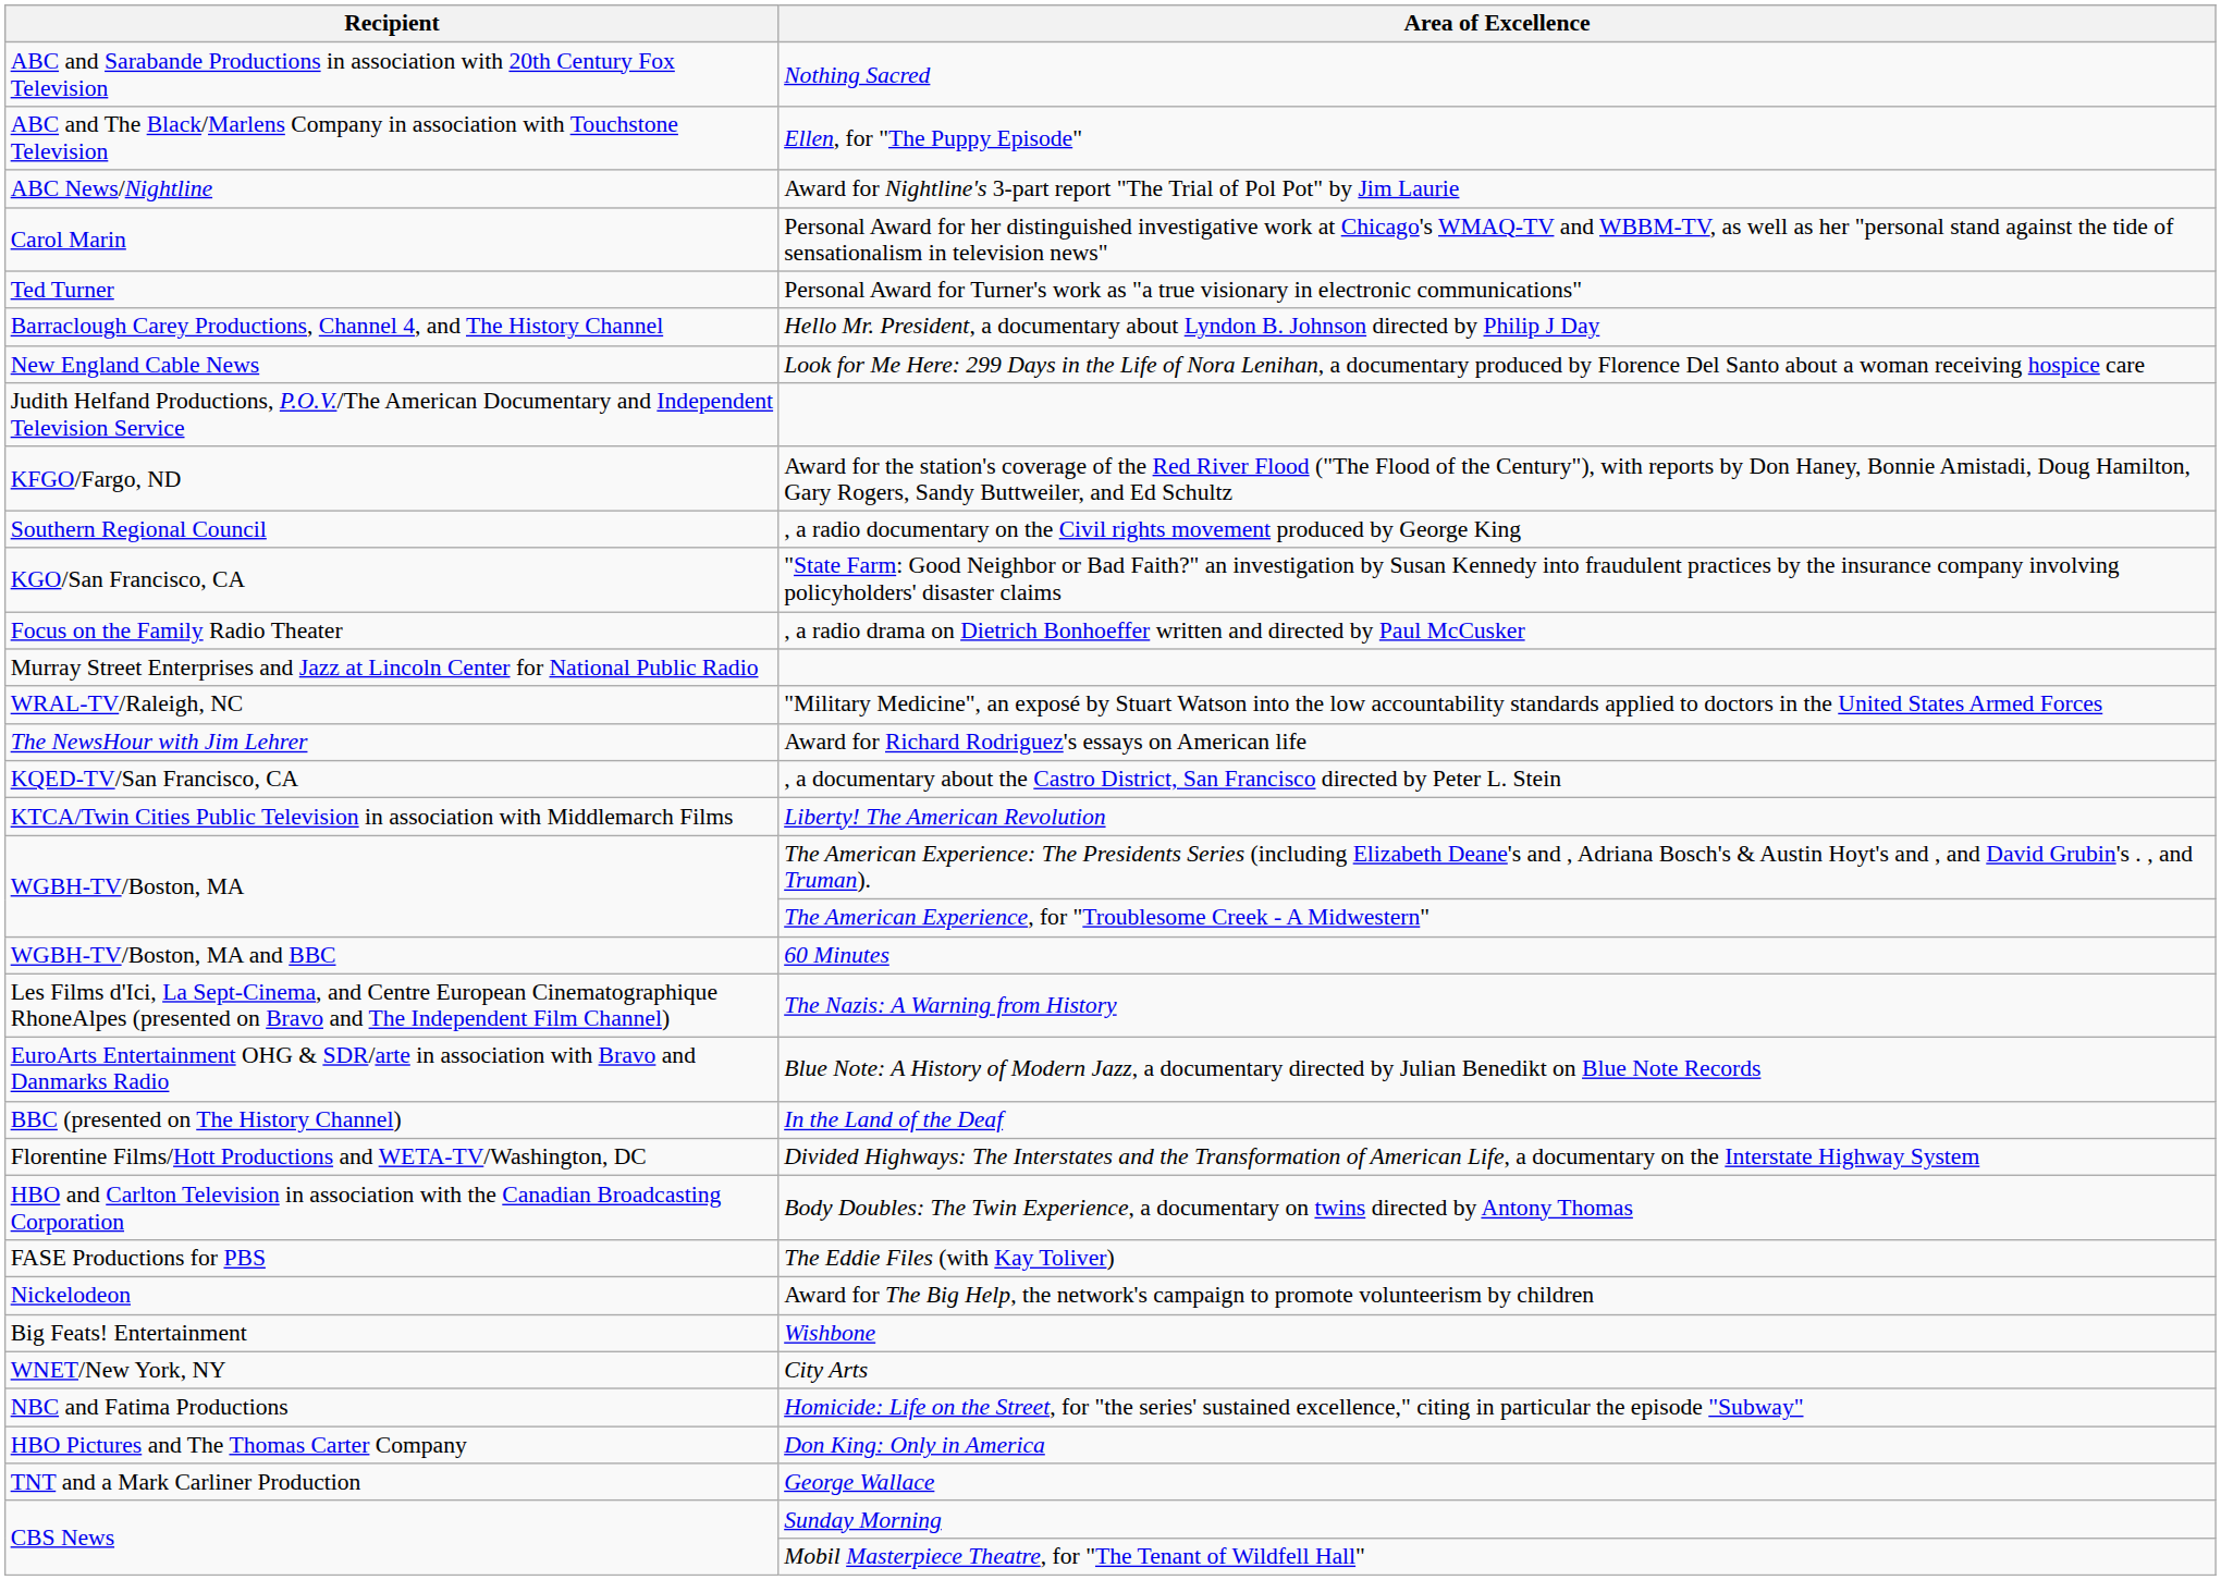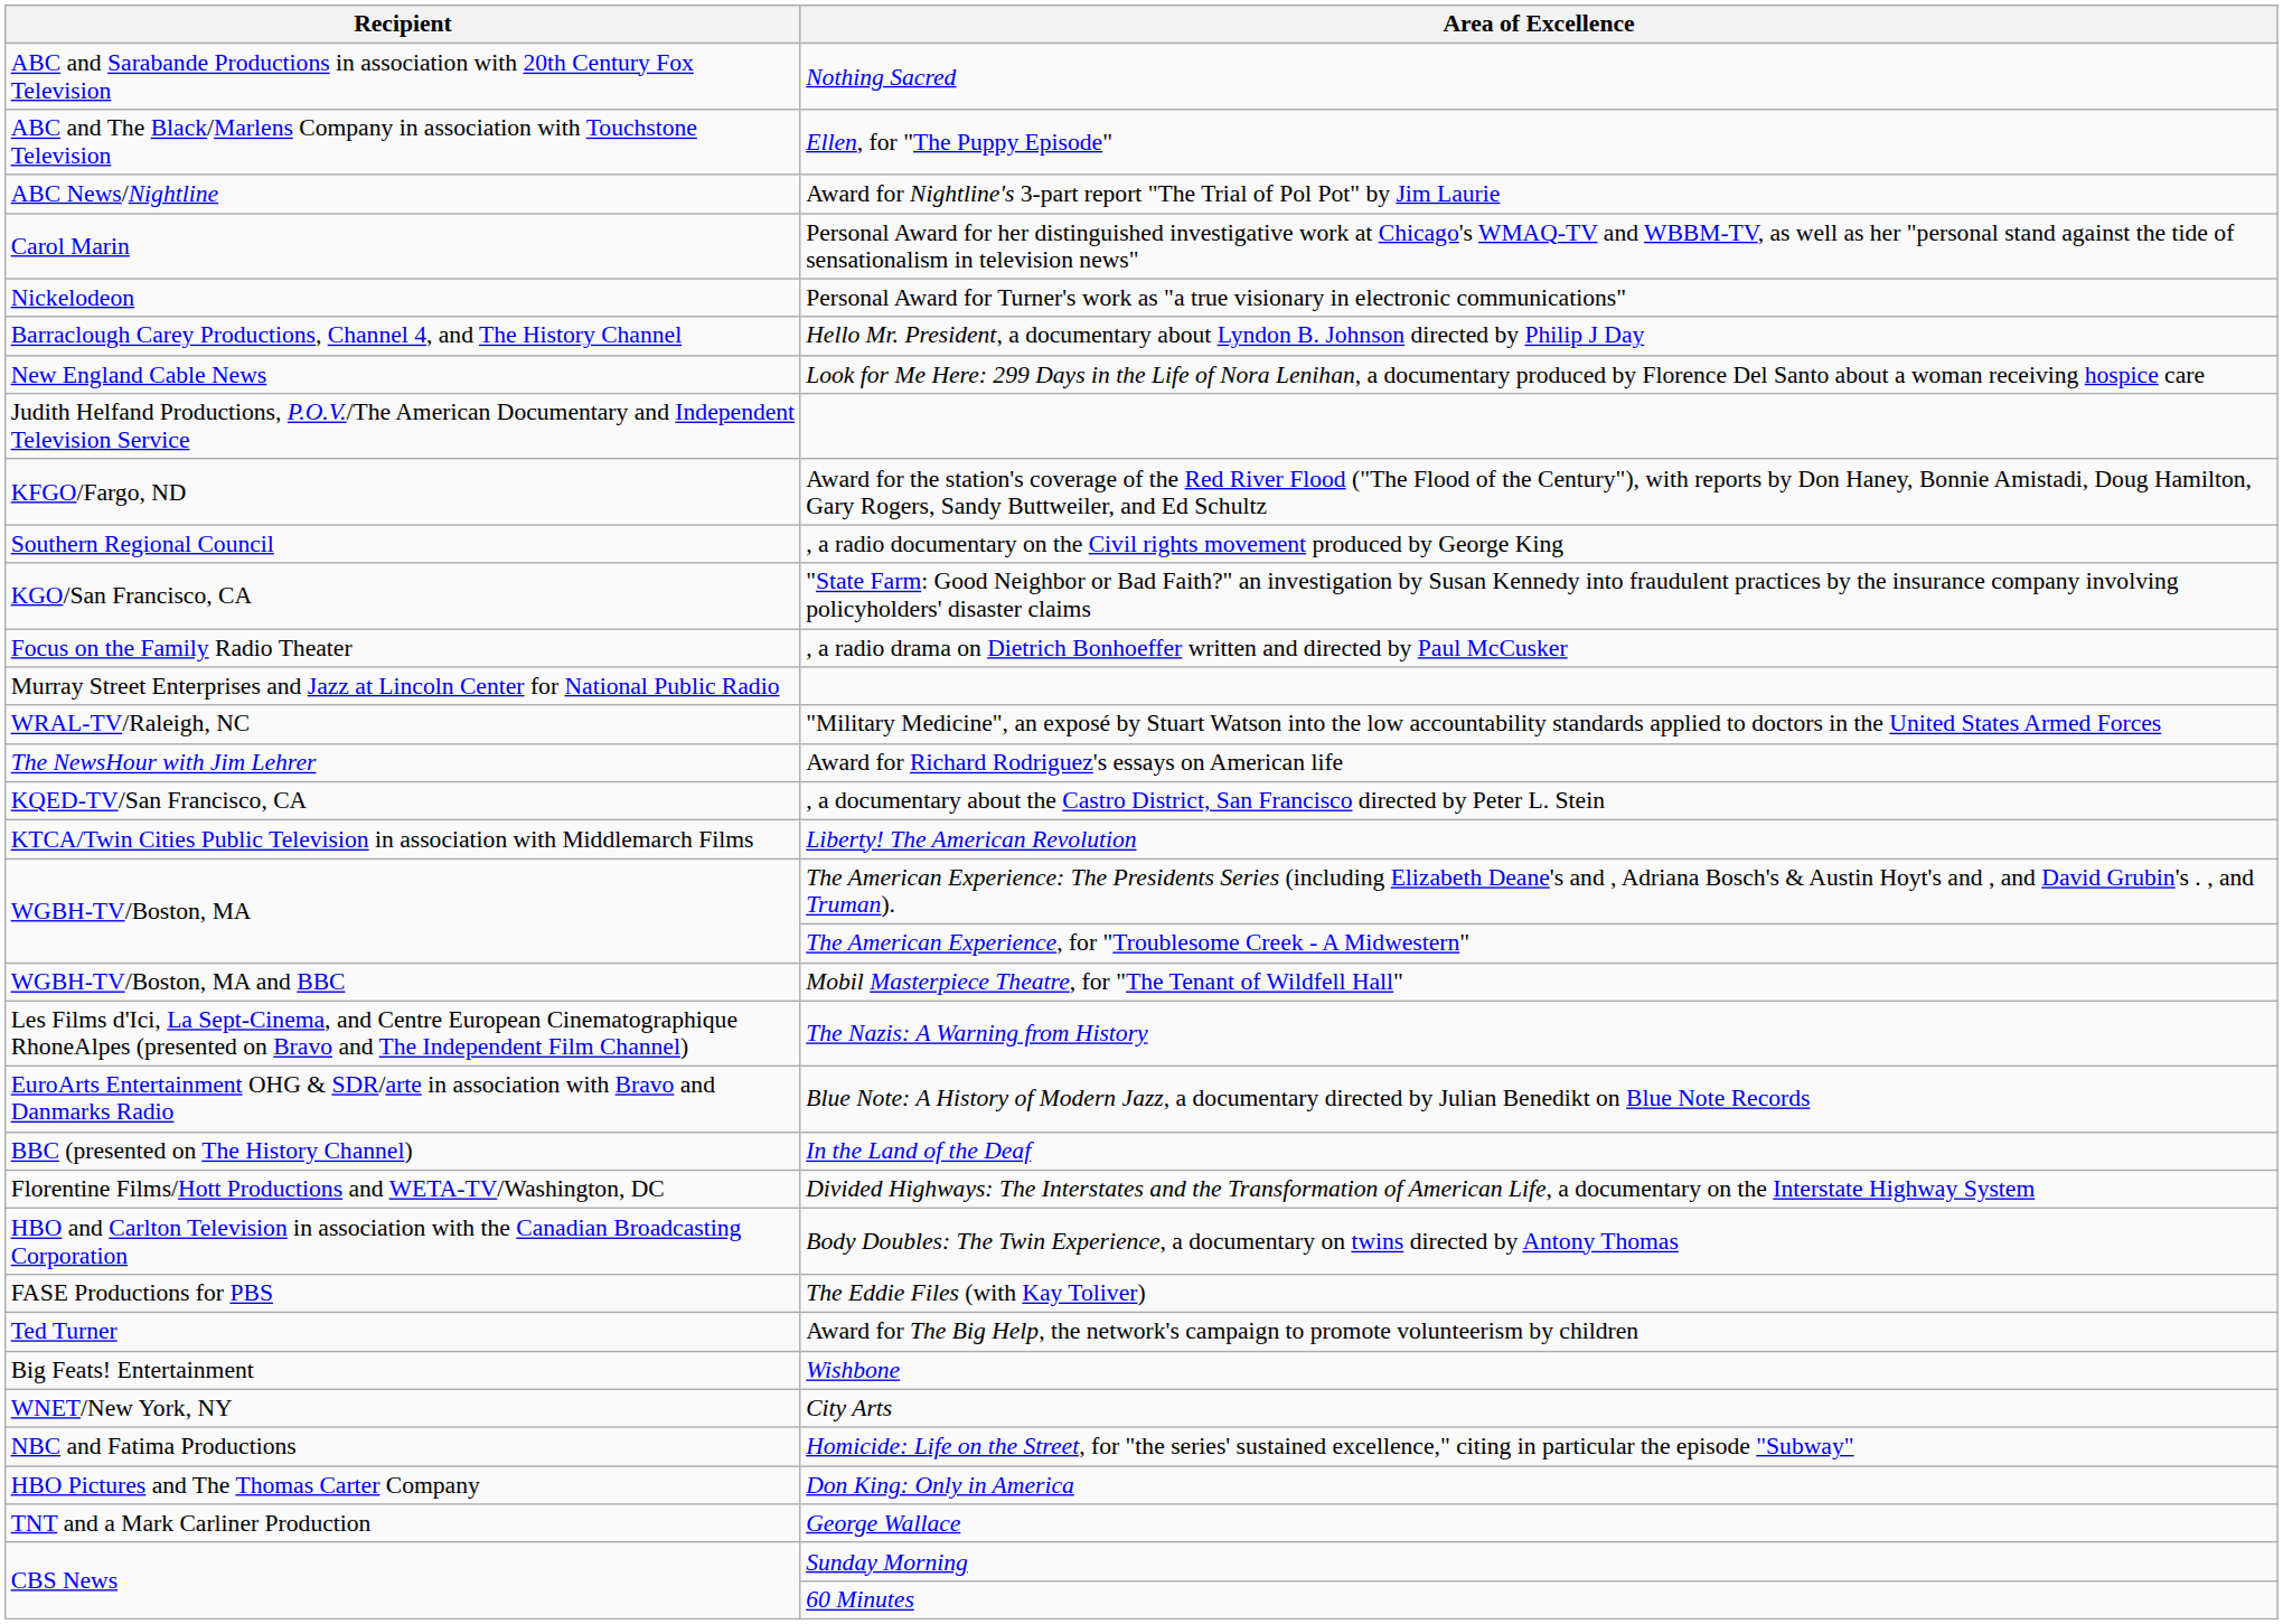 <table class="wikitable" style="width:95%">
 <tr bgcolor="#CCCCCC">
 <th width=35%>Recipient</th>
 <th width=65%>Area of Excellence</th>
 </tr>
 <tr>
 <td><a href='#'>ABC</a> and <a href='#'>Sarabande Productions</a> in association with <a href='#'>20th Century Fox Television</a></td>
 <td><em><a href='#'>Nothing Sacred</a></em></td>
 </tr>
 <tr>
 <td><a href='#'>ABC</a> and The <a href='#'>Black</a>/<a href='#'>Marlens</a> Company in association with <a href='#'>Touchstone Television</a></td>
 <td><em><a href='#'>Ellen</a></em>, for "<a href='#'>The Puppy Episode</a>"</td>
 </tr>
 <tr>
 <td><a href='#'>ABC News</a>/<em><a href='#'>Nightline</a></em></td>
 <td>Award for <em>Nightline's</em> 3-part report "The Trial of Pol Pot" by <a href='#'>Jim Laurie</a> </td>
 </tr>
 <tr>
 <td><a href='#'>Carol Marin</a></td>
 <td>Personal Award for her distinguished investigative work at <a href='#'>Chicago</a>'s <a href='#'>WMAQ-TV</a> and <a href='#'>WBBM-TV</a>, as well as her "personal stand against the tide of sensationalism in television news"</td>
 </tr>
 <tr>
-<td><a href='#'>Ted Turner</a></td>
+<td><a href='#'>Nickelodeon</a></td>
 <td>Personal Award for Turner's work as "a true visionary in electronic communications"</td>
 </tr>
 <tr>
 <td><a href='#'>Barraclough Carey Productions</a>, <a href='#'>Channel 4</a>, and <a href='#'>The History Channel</a></td>
 <td><em>Hello Mr. President</em>, a documentary about <a href='#'>Lyndon B. Johnson</a> directed by <a href='#'>Philip J Day</a></td>
 </tr>
 <tr>
 <td><a href='#'>New England Cable News</a></td>
 <td><em>Look for Me Here: 299 Days in the Life of Nora Lenihan</em>, a documentary produced by Florence Del Santo about a woman receiving <a href='#'>hospice</a> care</td>
 </tr>
 <tr>
 <td>Judith Helfand Productions, <em><a href='#'>P.O.V.</a></em>/The American Documentary and <a href='#'>Independent Television Service</a></td>
 <td><em></em></td>
 </tr>
 <tr>
 <td><a href='#'>KFGO</a>/Fargo, ND</td>
 <td>Award for the station's coverage of the <a href='#'>Red River Flood</a> ("The Flood of the Century"), with reports by Don Haney, Bonnie Amistadi, Doug Hamilton, Gary Rogers, Sandy Buttweiler, and Ed Schultz</td>
 </tr>
 <tr>
 <td><a href='#'>Southern Regional Council</a></td>
 <td><em></em>, a radio documentary on the <a href='#'>Civil rights movement</a> produced by George King</td>
 </tr>
 <tr>
 <td><a href='#'>KGO</a>/San Francisco, CA</td>
 <td>"<a href='#'>State Farm</a>: Good Neighbor or Bad Faith?" an investigation by Susan Kennedy into fraudulent practices by the insurance company involving policyholders' disaster claims</td>
 </tr>
 <tr>
 <td><a href='#'>Focus on the Family</a> Radio Theater</td>
 <td><em></em>, a radio drama on <a href='#'>Dietrich Bonhoeffer</a> written and directed by <a href='#'>Paul McCusker</a></td>
 </tr>
 <tr>
 <td>Murray Street Enterprises and <a href='#'>Jazz at Lincoln Center</a> for <a href='#'>National Public Radio</a></td>
 <td><em></em></td>
 </tr>
 <tr>
 <td><a href='#'>WRAL-TV</a>/Raleigh, NC</td>
 <td>"Military Medicine", an exposé by Stuart Watson into the low accountability standards applied to doctors in the <a href='#'>United States Armed Forces</a></td>
 </tr>
 <tr>
 <td><em><a href='#'>The NewsHour with Jim Lehrer</a></em></td>
 <td>Award for <a href='#'>Richard Rodriguez</a>'s essays on American life</td>
 </tr>
 <tr>
 <td><a href='#'>KQED-TV</a>/San Francisco, CA</td>
 <td><em></em>, a documentary about the <a href='#'>Castro District, San Francisco</a> directed by Peter L. Stein</td>
 </tr>
 <tr>
 <td><a href='#'>KTCA/Twin Cities Public Television</a> in association with Middlemarch Films</td>
 <td><em><a href='#'>Liberty! The American Revolution</a></em></td>
 </tr>
 <tr>
 <td rowspan="2"><a href='#'>WGBH-TV</a>/Boston, MA</td>
 <td><em>The American Experience: The Presidents Series</em> (including <a href='#'>Elizabeth Deane</a>'s <em></em> and <em></em>, Adriana Bosch's & Austin Hoyt's <em></em> and <em></em>, and <a href='#'>David Grubin</a>'s  <em></em> <em></em>. <em></em>, and <em><a href='#'>Truman</a></em>).</td>
 </tr>
 <tr>
 <td><em><a href='#'>The American Experience</a></em>, for "<a href='#'>Troublesome Creek - A Midwestern</a>"</td>
 </tr>
 <tr>
 <td><a href='#'>WGBH-TV</a>/Boston, MA and <a href='#'>BBC</a></td>
-<td><em><a href='#'>60 Minutes</a></em></td>
+<td><em>Mobil <a href='#'>Masterpiece Theatre</a></em>, for "<a href='#'>The Tenant of Wildfell Hall</a>"</td>
 </tr>
 <tr>
 <td>Les Films d'Ici, <a href='#'>La Sept-Cinema</a>, and Centre European Cinematographique RhoneAlpes (presented on <a href='#'>Bravo</a> and <a href='#'>The Independent Film Channel</a>)</td>
 <td><em><a href='#'>The Nazis: A Warning from History</a></em></td>
 </tr>
 <tr>
 <td><a href='#'>EuroArts Entertainment</a> OHG & <a href='#'>SDR</a>/<a href='#'>arte</a> in association with <a href='#'>Bravo</a> and <a href='#'>Danmarks Radio</a></td>
 <td><em>Blue Note: A History of Modern Jazz</em>, a documentary directed by Julian Benedikt on <a href='#'>Blue Note Records</a></td>
 </tr>
 <tr>
 <td><a href='#'>BBC</a> (presented on <a href='#'>The History Channel</a>)</td>
 <td><em><a href='#'>In the Land of the Deaf</a></em></td>
 </tr>
 <tr>
 <td>Florentine Films/<a href='#'>Hott Productions</a> and <a href='#'>WETA-TV</a>/Washington, DC</td>
 <td><em>Divided Highways: The Interstates and the Transformation of American Life</em>, a documentary on the <a href='#'>Interstate Highway System</a></td>
 </tr>
 <tr>
 <td><a href='#'>HBO</a> and <a href='#'>Carlton Television</a> in association with the <a href='#'>Canadian Broadcasting Corporation</a></td>
 <td><em>Body Doubles: The Twin Experience</em>, a documentary on <a href='#'>twins</a> directed by <a href='#'>Antony Thomas</a></td>
 </tr>
 <tr>
 <td>FASE Productions for <a href='#'>PBS</a></td>
 <td><em>The Eddie Files</em> (with <a href='#'>Kay Toliver</a>)</td>
 </tr>
 <tr>
-<td><a href='#'>Nickelodeon</a></td>
+<td><a href='#'>Ted Turner</a></td>
 <td>Award for <em>The Big Help</em>, the network's campaign to promote volunteerism by children</td>
 </tr>
 <tr>
 <td>Big Feats! Entertainment</td>
 <td><em><a href='#'>Wishbone</a></em></td>
 </tr>
 <tr>
 <td><a href='#'>WNET</a>/New York, NY</td>
 <td><em>City Arts</em></td>
 </tr>
 <tr>
 <td><a href='#'>NBC</a> and Fatima Productions</td>
 <td><em><a href='#'>Homicide: Life on the Street</a></em>, for "the series' sustained excellence," citing in particular the episode <a href='#'>"Subway"</a></td>
 </tr>
 <tr>
 <td><a href='#'>HBO Pictures</a> and The <a href='#'>Thomas Carter</a> Company</td>
 <td><em><a href='#'>Don King: Only in America</a></em></td>
 </tr>
 <tr>
 <td><a href='#'>TNT</a> and a Mark Carliner Production</td>
 <td><em><a href='#'>George Wallace</a></em></td>
 </tr>
 <tr>
 <td rowspan="2"><a href='#'>CBS News</a></td>
 <td><em><a href='#'>Sunday Morning</a></em></td>
 </tr>
 <tr>
-<td><em>Mobil <a href='#'>Masterpiece Theatre</a></em>, for "<a href='#'>The Tenant of Wildfell Hall</a>"</td>
+<td><em><a href='#'>60 Minutes</a></em></td>
 </tr>
 </table>
